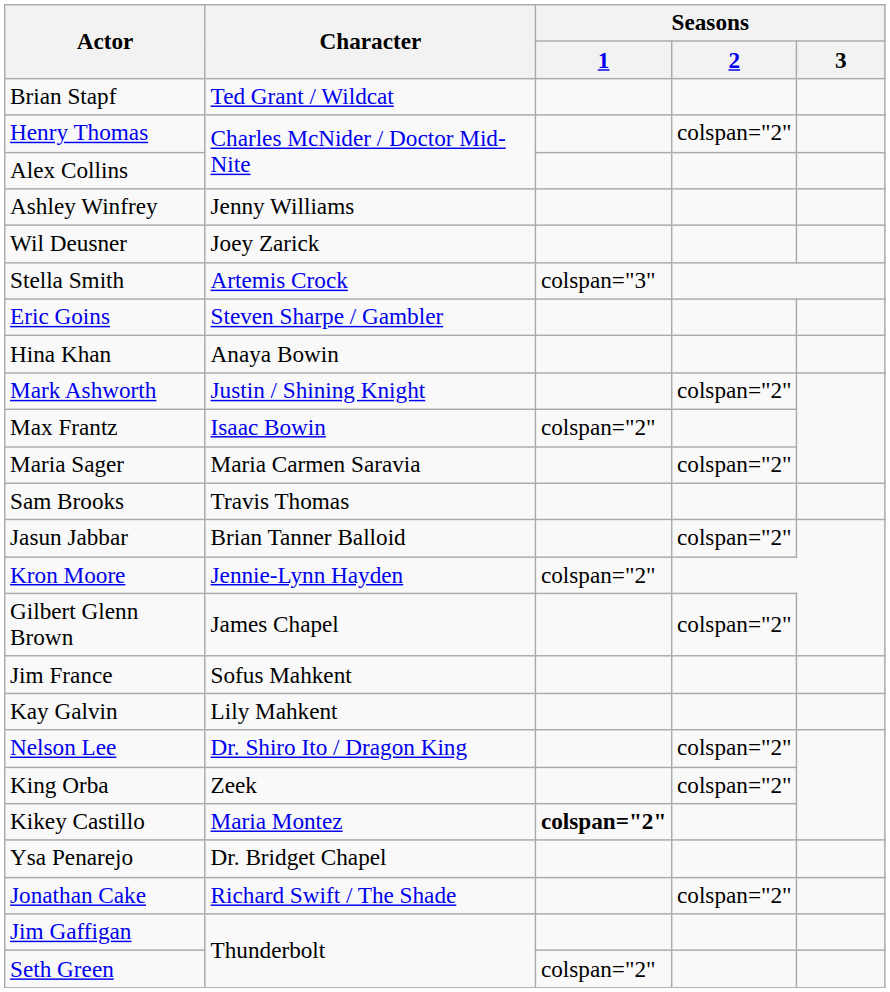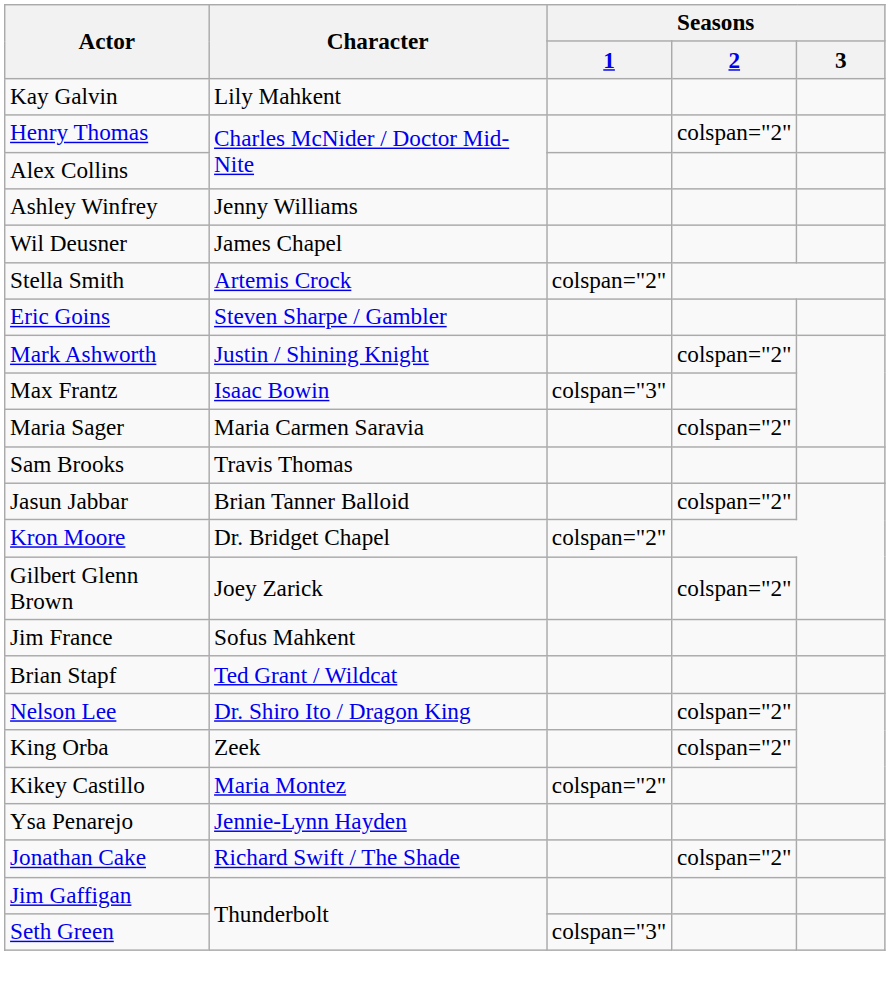 <table class="wikitable">
 <tr>
 <th rowspan="2">Actor</th>
 <th ! rowspan="2">Character</th>
 <th ! colspan="3">Seasons</th>
 </tr>
 <tr>
 <th style="width:10%;"><a href='#'>1</a></th>
 <th style="width:10%;"><a href='#'>2</a></th>
 <th style="width:10%;">3</th>
 </tr>
 <tr>
-<td>Brian Stapf</td>
-<td><a href='#'>Ted Grant / Wildcat</a></td>
+<td>Kay Galvin</td>
+<td>Lily Mahkent</td>
 <td></td>
 <td></td>
 <td></td>
 </tr>
 <tr>
 <td><a href='#'>Henry Thomas</a></td>
 <td rowspan="2"><a href='#'>Charles McNider / Doctor Mid-Nite</a></td>
 <td></td>
 <td>colspan="2" </td>
 </tr>
 <tr>
 <td>Alex Collins</td>
 <td></td>
 <td></td>
 <td></td>
 </tr>
 <tr>
 <td>Ashley Winfrey</td>
 <td>Jenny Williams</td>
 <td></td>
 <td></td>
 <td></td>
 </tr>
 <tr>
 <td>Wil Deusner</td>
-<td>Joey Zarick</td>
+<td>James Chapel</td>
 <td></td>
 <td></td>
 <td></td>
 </tr>
 <tr>
 <td>Stella Smith</td>
 <td><a href='#'>Artemis Crock</a></td>
-<td>colspan="3"</td>
+<td>colspan="2" </td>
 </tr>
 <tr>
 <td><a href='#'>Eric Goins</a></td>
 <td><a href='#'>Steven Sharpe / Gambler</a></td>
-<td></td>
-<td></td>
-<td></td>
-</tr>
-<tr>
-<td>Hina Khan</td>
-<td>Anaya Bowin</td>
 <td></td>
 <td></td>
 <td></td>
 </tr>
 <tr>
 <td><a href='#'>Mark Ashworth</a></td>
 <td><a href='#'>Justin / Shining Knight</a></td>
 <td></td>
 <td>colspan="2" </td>
 </tr>
 <tr>
 <td>Max Frantz</td>
 <td><a href='#'>Isaac Bowin</a></td>
-<td>colspan="2"</td>
+<td>colspan="3" </td>
 <td></td>
 </tr>
 <tr>
 <td>Maria Sager</td>
 <td>Maria Carmen Saravia</td>
 <td></td>
 <td>colspan="2"</td>
 </tr>
 <tr>
 <td>Sam Brooks</td>
 <td>Travis Thomas</td>
 <td></td>
 <td></td>
 <td></td>
 </tr>
 <tr>
 <td>Jasun Jabbar</td>
 <td>Brian Tanner Balloid</td>
 <td></td>
 <td>colspan="2" </td>
 </tr>
 <tr>
 <td><a href='#'>Kron Moore</a></td>
-<td><a href='#'>Jennie-Lynn Hayden</a></td>
+<td>Dr. Bridget Chapel</td>
 <td>colspan="2" </td>
 </tr>
 <tr>
 <td>Gilbert Glenn Brown</td>
-<td>James Chapel</td>
+<td>Joey Zarick</td>
 <td></td>
 <td>colspan="2" </td>
 </tr>
 <tr>
 <td>Jim France</td>
 <td>Sofus Mahkent</td>
 <td></td>
 <td></td>
 <td></td>
 </tr>
 <tr>
-<td>Kay Galvin</td>
-<td>Lily Mahkent</td>
+<td>Brian Stapf</td>
+<td><a href='#'>Ted Grant / Wildcat</a></td>
 <td></td>
 <td></td>
 <td></td>
 </tr>
 <tr>
 <td><a href='#'>Nelson Lee</a></td>
 <td><a href='#'>Dr. Shiro Ito / Dragon King</a></td>
 <td></td>
 <td>colspan="2" </td>
 </tr>
 <tr>
 <td>King Orba</td>
 <td>Zeek</td>
 <td></td>
 <td>colspan="2" </td>
 </tr>
 <tr>
 <td>Kikey Castillo</td>
 <td><a href='#'>Maria Montez</a></td>
-<td><strong>colspan="2" </strong></td>
+<td>colspan="2" </td>
 <td></td>
 </tr>
 <tr>
 <td>Ysa Penarejo</td>
-<td>Dr. Bridget Chapel</td>
+<td><a href='#'>Jennie-Lynn Hayden</a></td>
 <td></td>
 <td></td>
 <td></td>
 </tr>
 <tr>
 <td><a href='#'>Jonathan Cake</a></td>
 <td><a href='#'>Richard Swift / The Shade</a></td>
 <td></td>
 <td>colspan="2" </td>
 </tr>
 <tr>
 <td><a href='#'>Jim Gaffigan</a></td>
 <td rowspan="2">Thunderbolt</td>
 <td></td>
 <td></td>
 <td></td>
 </tr>
 <tr>
 <td><a href='#'>Seth Green</a></td>
-<td>colspan="2" </td>
+<td>colspan="3" </td>
 <td></td>
 </tr>
 </table>
